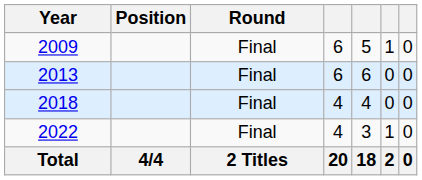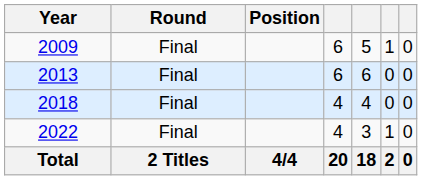 <table class="wikitable" style="text-align: center;">
 <tr>
 <th style="width:5.5em;">Year</th>
+<th style="width:7em;">Round</th>
 <th>Position</th>
-<th style="width:7em;">Round</th>
 <th></th>
 <th></th>
 <th></th>
 <th></th>
 </tr>
 <tr>
 <td> <a href='#'>2009</a></td>
+<td>Final</td>
 <td></td>
-<td>Final</td>
 <td>6</td>
 <td>5</td>
 <td>1</td>
 <td>0</td>
 </tr>
 <tr bgcolor=#ddeeff>
 <td> <a href='#'>2013</a></td>
+<td>Final</td>
 <td></td>
-<td>Final</td>
 <td>6</td>
 <td>6</td>
 <td>0</td>
 <td>0</td>
 </tr>
 <tr bgcolor=#ddeeff>
 <td> <a href='#'>2018</a></td>
+<td>Final</td>
 <td></td>
-<td>Final</td>
 <td>4</td>
 <td>4</td>
 <td>0</td>
 <td>0</td>
 </tr>
 <tr>
 <td> <a href='#'>2022</a></td>
+<td>Final</td>
 <td></td>
-<td>Final</td>
 <td>4</td>
 <td>3</td>
 <td>1</td>
 <td>0</td>
 </tr>
 <tr>
 <th>Total</th>
+<th>2 Titles</th>
 <th>4/4</th>
-<th>2 Titles</th>
 <th>20</th>
 <th>18</th>
 <th>2</th>
 <th>0</th>
 </tr>
 </table>
